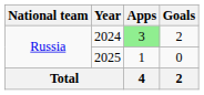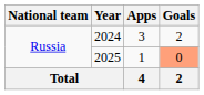 <table class="wikitable" style="text-align:center">
 <tr>
 <th>National team</th>
 <th>Year</th>
 <th>Apps</th>
 <th>Goals</th>
 </tr>
 <tr>
 <td rowspan="2"><a href='#'>Russia</a></td>
 <td>2024</td>
-<td style="background: lightgreen;">3</td>
+<td>3</td>
 <td>2</td>
 </tr>
 <tr>
 <td>2025</td>
 <td>1</td>
-<td>0</td>
+<td style="background: lightsalmon;">0</td>
 </tr>
 <tr>
 <th colspan="2">Total</th>
 <th>4</th>
 <th>2</th>
 </tr>
 </table>
